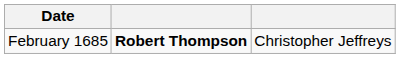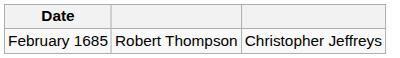 <table class="wikitable">
 <tr>
 <th>Date</th>
 <th></th>
 <th></th>
 </tr>
 <tr>
 <td>February 1685</td>
-<td><strong>Robert Thompson</strong></td>
+<td>Robert Thompson</td>
 <td>Christopher Jeffreys</td>
 </tr>
 </table>
